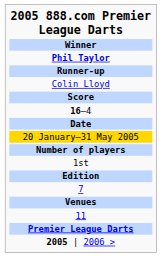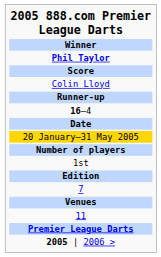 <table class="infobox darts" style="width: 16em; text-align: center;">
 <tr>
 <th style="font-size: 16px;">2005 888.com Premier League Darts</th>
 </tr>
 <tr>
 <td style="font-size: 12px; background: #BFD7FF;"><strong>Winner</strong></td>
 </tr>
 <tr>
 <td style="font-size: 12px;"> <strong><a href='#'>Phil Taylor</a></strong></td>
 </tr>
 <tr>
-<td style="font-size: 12px; background: #BFD7FF;"><strong>Runner-up</strong></td>
+<td style="font-size: 12px; background: #BFD7FF;"><strong>Score</strong></td>
 </tr>
 <tr>
 <td style="font-size: 12px;"> <a href='#'>Colin Lloyd</a></td>
 </tr>
 <tr>
-<td style="font-size: 12px; background: #BFD7FF;"><strong>Score</strong></td>
+<td style="font-size: 12px; background: #BFD7FF;"><strong>Runner-up</strong></td>
 </tr>
 <tr>
 <td style="font-size: 12px;"><strong>16</strong>–4</td>
 </tr>
 <tr>
 <td style="font-size: 12px; background: #BFD7FF;"><strong>Date</strong></td>
 </tr>
 <tr>
 <td style="background: gold; font-size: 12px;">20 January–31 May 2005</td>
 </tr>
 <tr>
 <td style="font-size: 12px; background: #BFD7FF;"><strong>Number of players</strong></td>
 </tr>
 <tr>
 <td style="font-size: 12px;">1st</td>
 </tr>
 <tr>
 <td style="font-size: 12px; background: #BFD7FF;"><strong>Edition</strong></td>
 </tr>
 <tr>
 <td style="font-size: 12px;"><a href='#'>7</a></td>
 </tr>
 <tr>
 <td style="font-size: 12px; background: #BFD7FF;"><strong>Venues</strong></td>
 </tr>
 <tr>
 <td style="font-size: 12px;"><a href='#'>11</a></td>
 </tr>
 <tr>
 <td style="font-size: 12px; background: #BFD7FF;"><strong><a href='#'>Premier League Darts</a></strong></td>
 </tr>
 <tr>
 <td style="font-size: 12px;"><strong>2005</strong> | <a href='#'>2006 ></a></td>
 </tr>
 <tr>
 </tr>
 </table>
